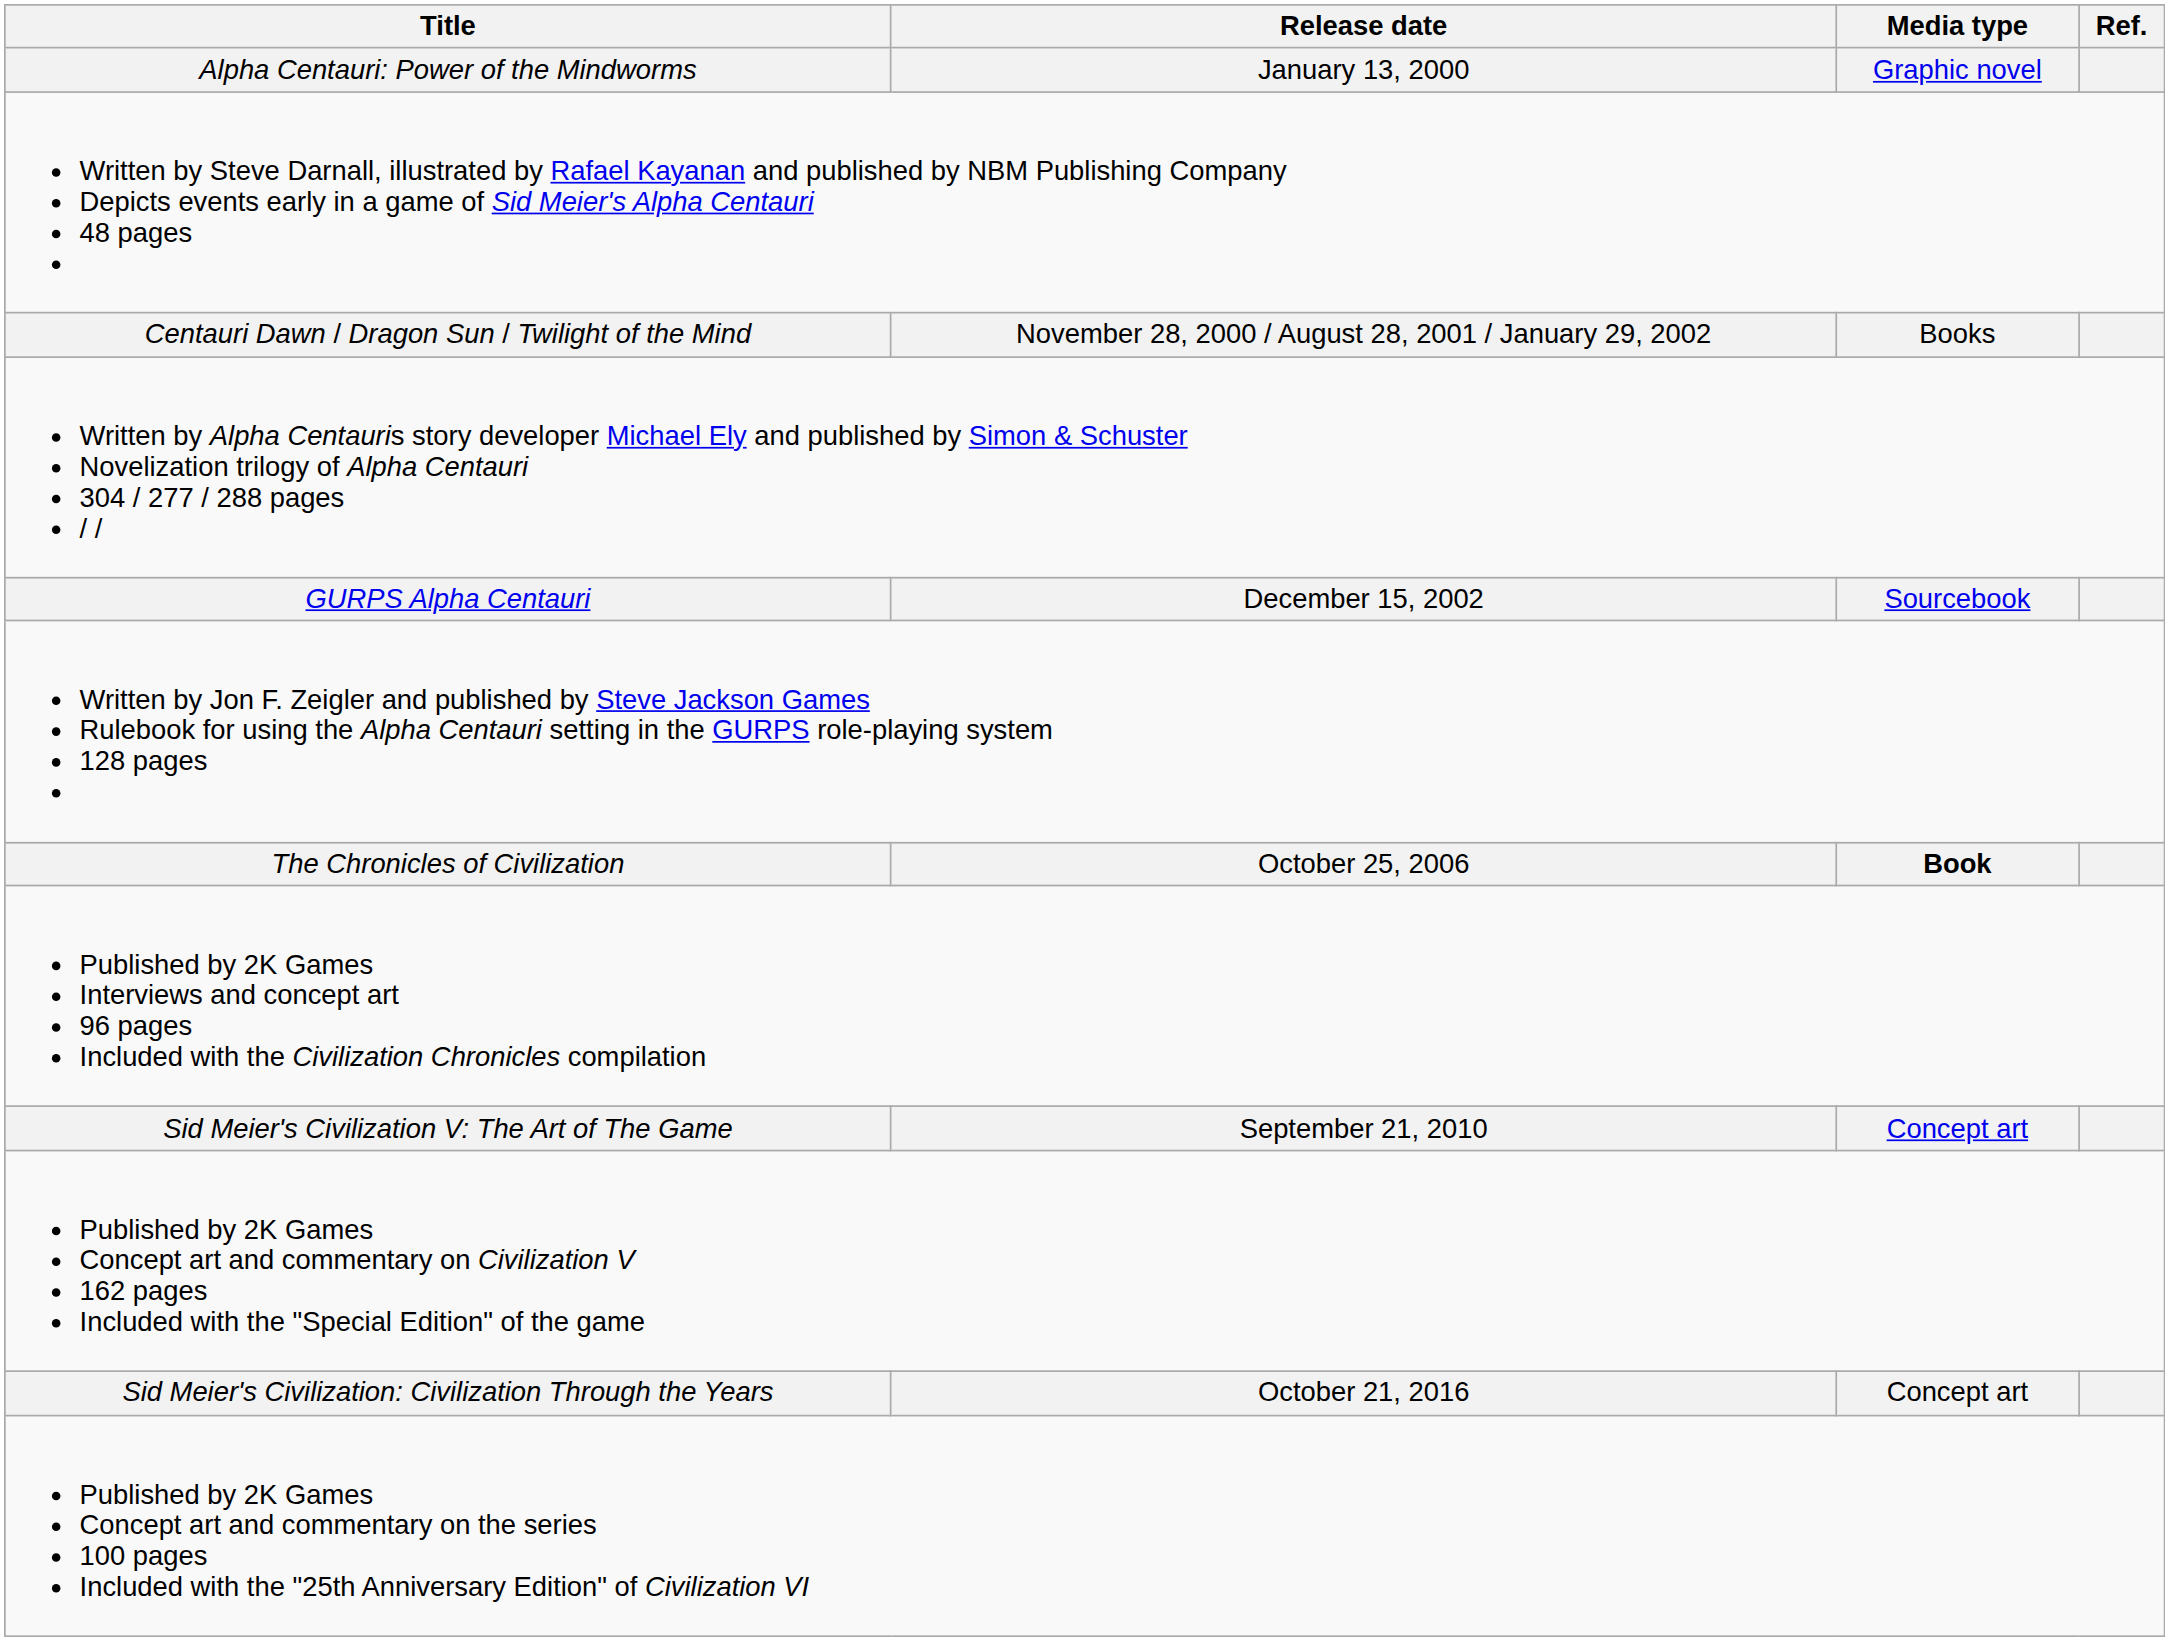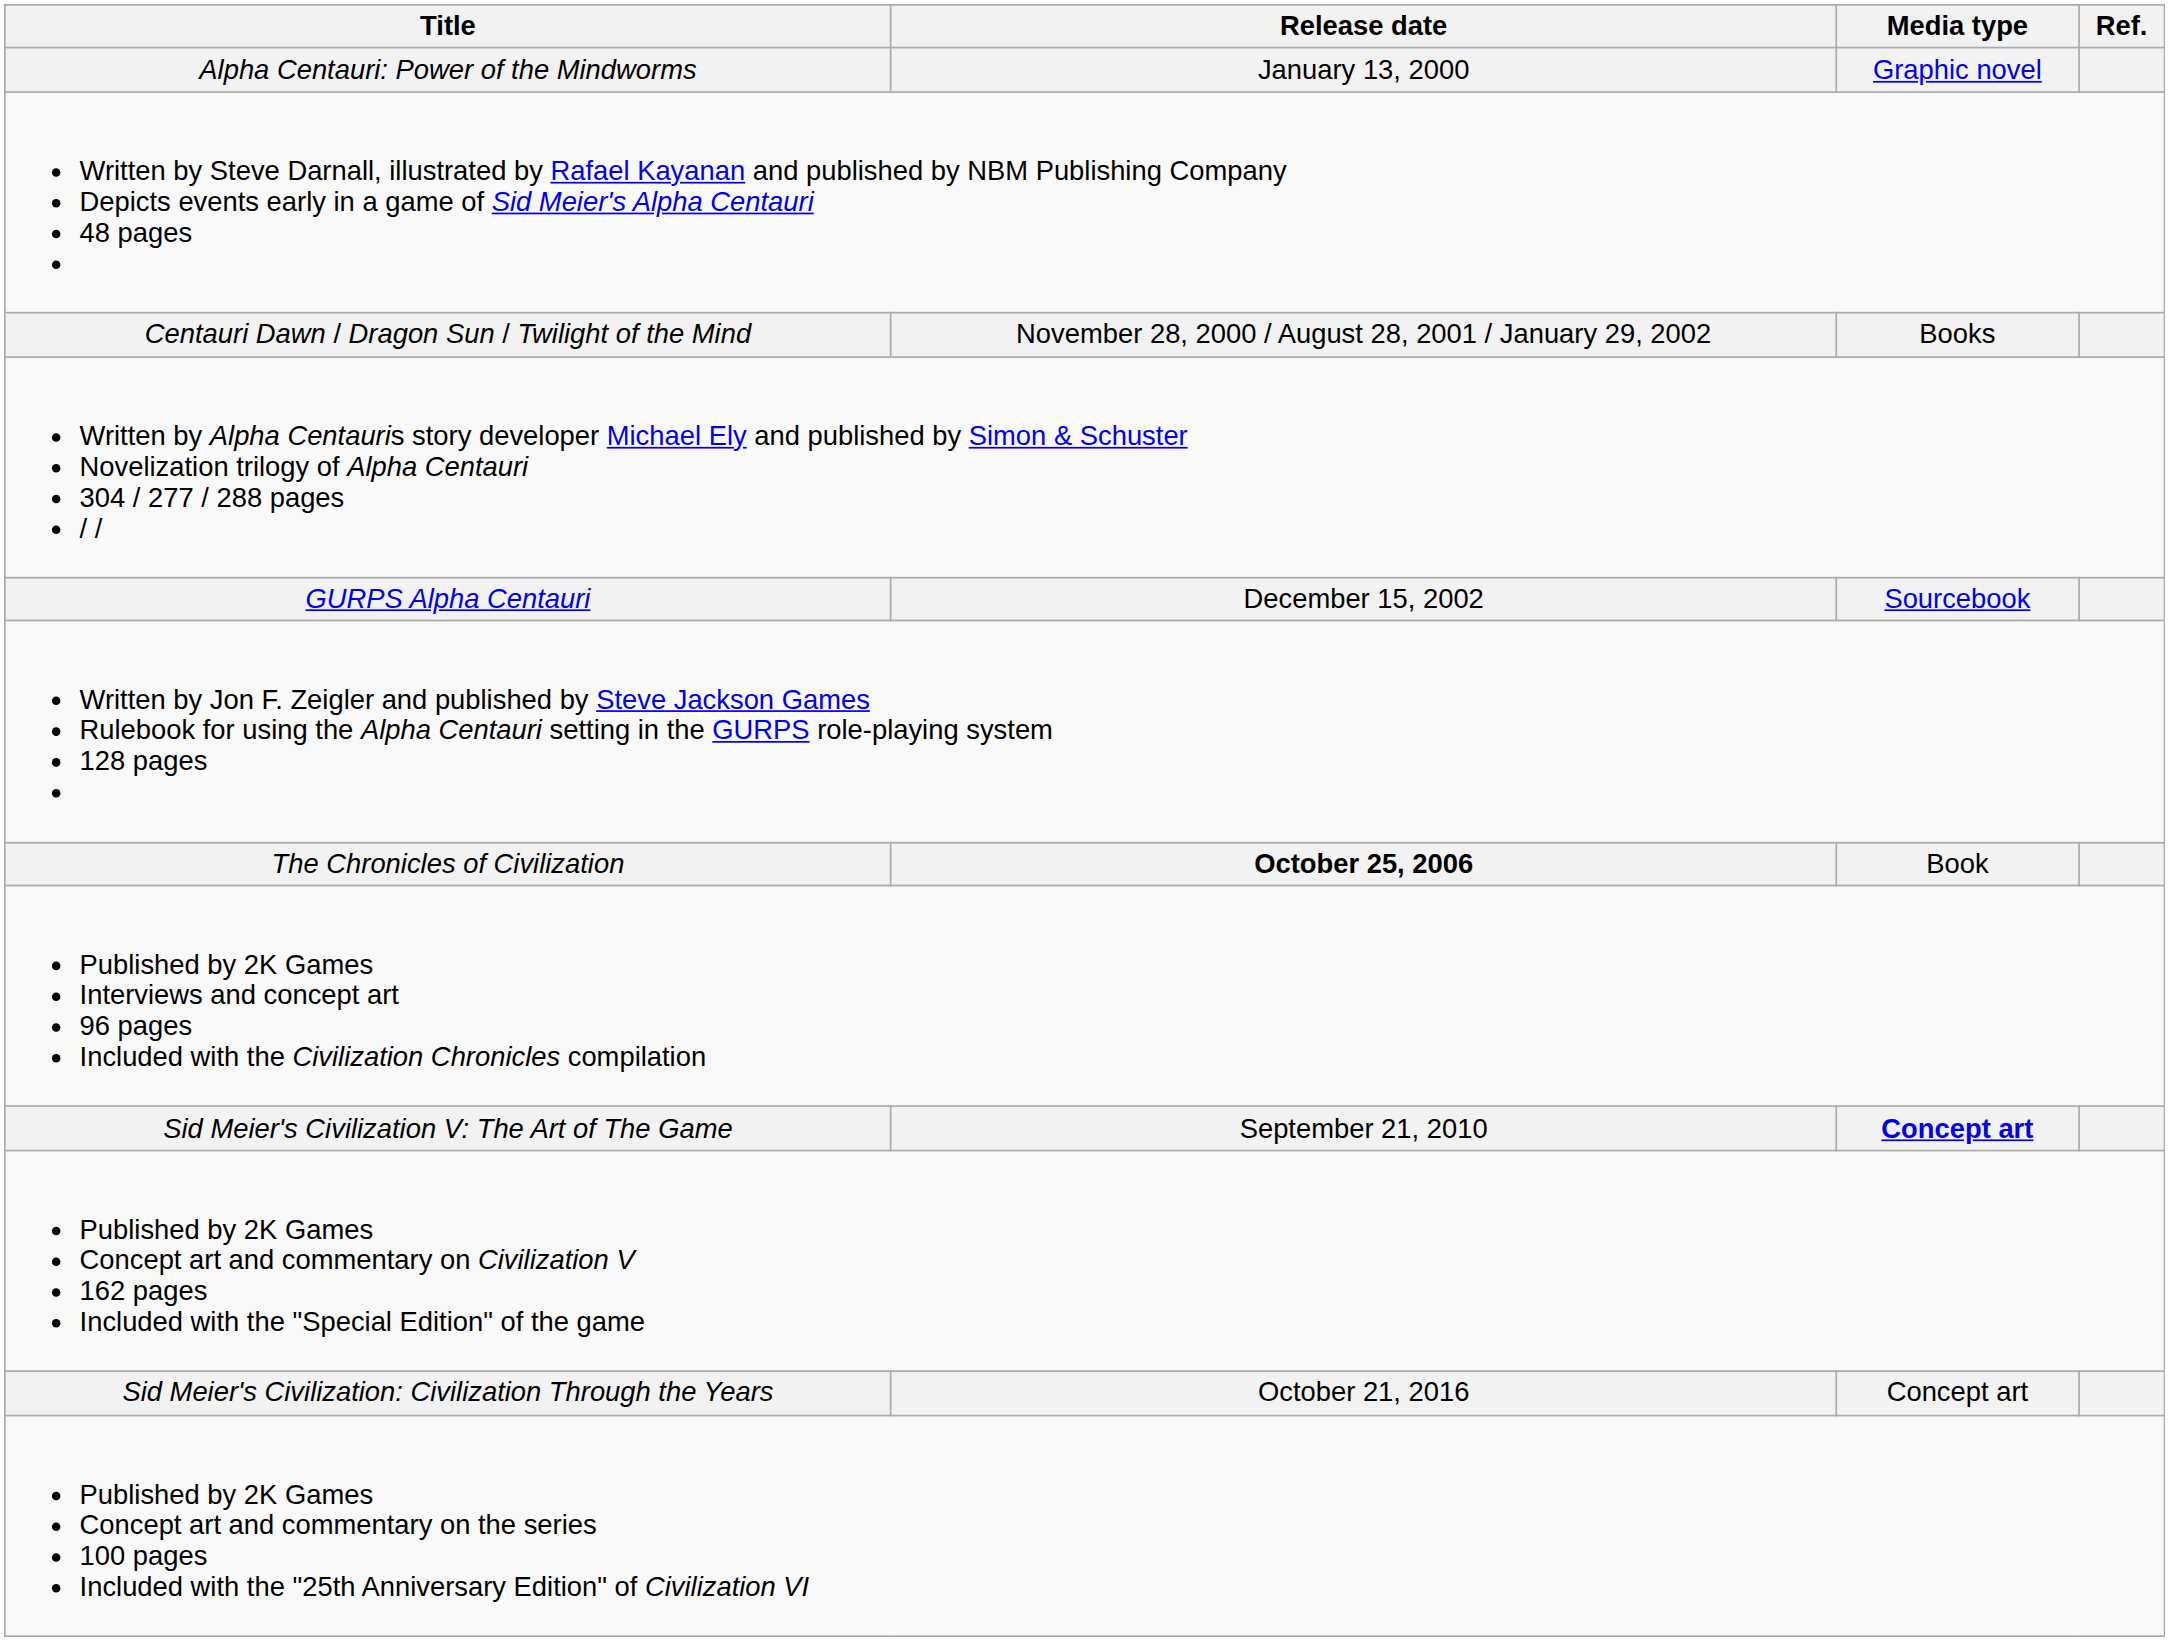 <table class="wikitable" width="100%">
 <tr>
 <th scope="col">Title</th>
 <th scope="col">Release date</th>
 <th scope="col">Media type</th>
 <th scope="col">Ref.</th>
 </tr>
 <tr bgcolor="#F2F2F2" align="center">
 <th scope="row" style="font-weight:normal;"><em>Alpha Centauri: Power of the Mindworms</em></th>
 <td>January 13, 2000</td>
 <td><a href='#'>Graphic novel</a></td>
 <td></td>
 </tr>
 <tr>
 <td colspan="5"><br><ul><li>Written by Steve Darnall, illustrated by <a href='#'>Rafael Kayanan</a> and published by NBM Publishing Company</li><li>Depicts events early in a game of <em><a href='#'>Sid Meier's Alpha Centauri</a></em></li><li>48 pages</li><li></li></ul></td>
 </tr>
 <tr bgcolor="#F2F2F2" align="center">
 <th scope="row" style="font-weight:normal;"><em>Centauri Dawn</em> / <em>Dragon Sun</em> / <em>Twilight of the Mind</em></th>
 <td>November 28, 2000 / August 28, 2001 / January 29, 2002</td>
 <td>Books</td>
 <td></td>
 </tr>
 <tr>
 <td colspan="5"><br><ul><li>Written by <em>Alpha Centauri</em>s story developer <a href='#'>Michael Ely</a> and published by <a href='#'>Simon & Schuster</a></li><li>Novelization trilogy of <em>Alpha Centauri</em></li><li>304 / 277 / 288 pages</li><li> /  / </li></ul></td>
 </tr>
 <tr bgcolor="#F2F2F2" align="center">
 <th scope="row" style="font-weight:normal;"><em><a href='#'>GURPS Alpha Centauri</a></em></th>
 <td>December 15, 2002</td>
 <td><a href='#'>Sourcebook</a></td>
 <td></td>
 </tr>
 <tr>
 <td colspan="5"><br><ul><li>Written by Jon F. Zeigler and published by <a href='#'>Steve Jackson Games</a></li><li>Rulebook for using the <em>Alpha Centauri</em> setting in the <a href='#'>GURPS</a> role-playing system</li><li>128 pages</li><li></li></ul></td>
 </tr>
 <tr bgcolor="#F2F2F2" align="center">
 <th scope="row" style="font-weight:normal;"><em>The Chronicles of Civilization</em></th>
-<td>October 25, 2006</td>
-<td><strong>Book</strong></td>
+<td><strong>October 25, 2006</strong></td>
+<td>Book</td>
 <td></td>
 </tr>
 <tr>
 <td colspan="5"><br><ul><li>Published by 2K Games</li><li>Interviews and concept art</li><li>96 pages</li><li>Included with the <em>Civilization Chronicles</em> compilation</li></ul></td>
 </tr>
 <tr bgcolor="#F2F2F2" align="center">
 <th scope="row" style="font-weight:normal;"><em>Sid Meier's Civilization V: The Art of The Game</em></th>
 <td>September 21, 2010</td>
-<td><a href='#'>Concept art</a></td>
+<td><strong><a href='#'>Concept art</a></strong></td>
 <td></td>
 </tr>
 <tr>
 <td colspan="5"><br><ul><li>Published by 2K Games</li><li>Concept art and commentary on <em>Civilization V</em></li><li>162 pages</li><li>Included with the "Special Edition" of the game</li></ul></td>
 </tr>
 <tr bgcolor="#F2F2F2" align="center">
 <th scope="row" style="font-weight:normal;"><em>Sid Meier's Civilization: Civilization Through the Years</em></th>
 <td>October 21, 2016</td>
 <td>Concept art</td>
 <td></td>
 </tr>
 <tr>
 <td colspan="5"><br><ul><li>Published by 2K Games</li><li>Concept art and commentary on the series</li><li>100 pages</li><li>Included with the "25th Anniversary Edition" of <em>Civilization VI</em></li></ul></td>
 </tr>
 </table>
